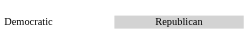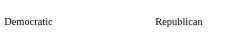 <table style="width:70%; text-align:center;">
 <tr style="color:white;">
 <td style="background:"><strong>194</strong></td>
 <td style="background:">3</td>
 <td style="background:"><strong>238</strong></td>
 </tr>
 <tr>
 <td>Democratic</td>
 <td></td>
-<td style="background: lightgrey;">Republican</td>
+<td>Republican</td>
 </tr>
 </table>
